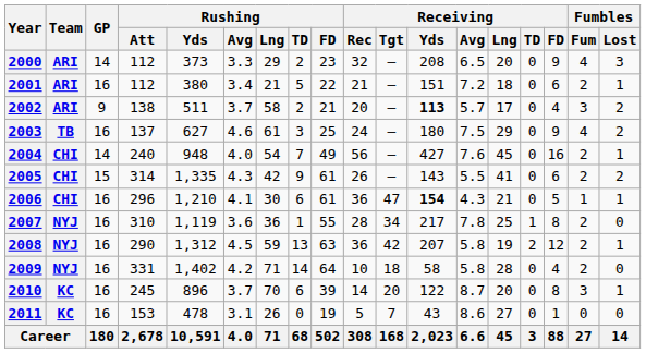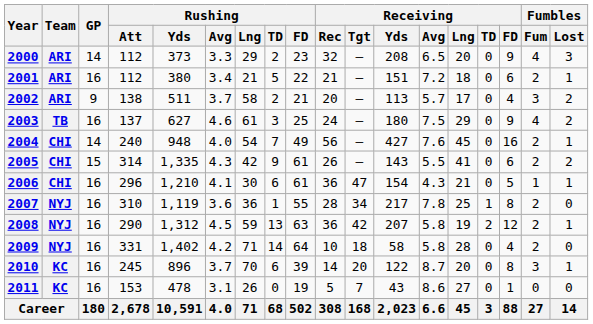 <table class=wikitable style="text-align:center;">
 <tr>
 <th rowspan="2">Year</th>
 <th rowspan="2">Team</th>
 <th rowspan="2">GP</th>
 <th colspan="6">Rushing</th>
 <th colspan="7">Receiving</th>
 <th colspan="2">Fumbles</th>
 </tr>
 <tr>
 <th>Att</th>
 <th>Yds</th>
 <th>Avg</th>
 <th>Lng</th>
 <th>TD</th>
 <th>FD</th>
 <th>Rec</th>
 <th>Tgt</th>
 <th>Yds</th>
 <th>Avg</th>
 <th>Lng</th>
 <th>TD</th>
 <th>FD</th>
 <th>Fum</th>
 <th>Lost</th>
 </tr>
 <tr>
 <th><a href='#'>2000</a></th>
 <th><a href='#'>ARI</a></th>
 <td>14</td>
 <td>112</td>
 <td>373</td>
 <td>3.3</td>
 <td>29</td>
 <td>2</td>
 <td>23</td>
 <td>32</td>
 <td>–</td>
 <td>208</td>
 <td>6.5</td>
 <td>20</td>
 <td>0</td>
 <td>9</td>
 <td>4</td>
 <td>3</td>
 </tr>
 <tr>
 <th><a href='#'>2001</a></th>
 <th><a href='#'>ARI</a></th>
 <td>16</td>
 <td>112</td>
 <td>380</td>
 <td>3.4</td>
 <td>21</td>
 <td>5</td>
 <td>22</td>
 <td>21</td>
 <td>–</td>
 <td>151</td>
 <td>7.2</td>
 <td>18</td>
 <td>0</td>
 <td>6</td>
 <td>2</td>
 <td>1</td>
 </tr>
 <tr>
 <th><a href='#'>2002</a></th>
 <th><a href='#'>ARI</a></th>
 <td>9</td>
 <td>138</td>
 <td>511</td>
 <td>3.7</td>
 <td>58</td>
 <td>2</td>
 <td>21</td>
 <td>20</td>
 <td>–</td>
-<td><strong>113</strong></td>
+<td>113</td>
 <td>5.7</td>
 <td>17</td>
 <td>0</td>
 <td>4</td>
 <td>3</td>
 <td>2</td>
 </tr>
 <tr>
 <th><a href='#'>2003</a></th>
 <th><a href='#'>TB</a></th>
 <td>16</td>
 <td>137</td>
 <td>627</td>
 <td>4.6</td>
 <td>61</td>
 <td>3</td>
 <td>25</td>
 <td>24</td>
 <td>–</td>
 <td>180</td>
 <td>7.5</td>
 <td>29</td>
 <td>0</td>
 <td>9</td>
 <td>4</td>
 <td>2</td>
 </tr>
 <tr>
 <th><a href='#'>2004</a></th>
 <th><a href='#'>CHI</a></th>
 <td>14</td>
 <td>240</td>
 <td>948</td>
 <td>4.0</td>
 <td>54</td>
 <td>7</td>
 <td>49</td>
 <td>56</td>
 <td>–</td>
 <td>427</td>
 <td>7.6</td>
 <td>45</td>
 <td>0</td>
 <td>16</td>
 <td>2</td>
 <td>1</td>
 </tr>
 <tr>
 <th><a href='#'>2005</a></th>
 <th><a href='#'>CHI</a></th>
 <td>15</td>
 <td>314</td>
 <td>1,335</td>
 <td>4.3</td>
 <td>42</td>
 <td>9</td>
 <td>61</td>
 <td>26</td>
 <td>–</td>
 <td>143</td>
 <td>5.5</td>
 <td>41</td>
 <td>0</td>
 <td>6</td>
 <td>2</td>
 <td>2</td>
 </tr>
 <tr>
 <th><a href='#'>2006</a></th>
 <th><a href='#'>CHI</a></th>
 <td>16</td>
 <td>296</td>
 <td>1,210</td>
 <td>4.1</td>
 <td>30</td>
 <td>6</td>
 <td>61</td>
 <td>36</td>
 <td>47</td>
-<td><strong>154</strong></td>
+<td>154</td>
 <td>4.3</td>
 <td>21</td>
 <td>0</td>
 <td>5</td>
 <td>1</td>
 <td>1</td>
 </tr>
 <tr>
 <th><a href='#'>2007</a></th>
 <th><a href='#'>NYJ</a></th>
 <td>16</td>
 <td>310</td>
 <td>1,119</td>
 <td>3.6</td>
 <td>36</td>
 <td>1</td>
 <td>55</td>
 <td>28</td>
 <td>34</td>
 <td>217</td>
 <td>7.8</td>
 <td>25</td>
 <td>1</td>
 <td>8</td>
 <td>2</td>
 <td>0</td>
 </tr>
 <tr>
 <th><a href='#'>2008</a></th>
 <th><a href='#'>NYJ</a></th>
 <td>16</td>
 <td>290</td>
 <td>1,312</td>
 <td>4.5</td>
 <td>59</td>
 <td>13</td>
 <td>63</td>
 <td>36</td>
 <td>42</td>
 <td>207</td>
 <td>5.8</td>
 <td>19</td>
 <td>2</td>
 <td>12</td>
 <td>2</td>
 <td>1</td>
 </tr>
 <tr>
 <th><a href='#'>2009</a></th>
 <th><a href='#'>NYJ</a></th>
 <td>16</td>
 <td>331</td>
 <td>1,402</td>
 <td>4.2</td>
 <td>71</td>
 <td>14</td>
 <td>64</td>
 <td>10</td>
 <td>18</td>
 <td>58</td>
 <td>5.8</td>
 <td>28</td>
 <td>0</td>
 <td>4</td>
 <td>2</td>
 <td>0</td>
 </tr>
 <tr>
 <th><a href='#'>2010</a></th>
 <th><a href='#'>KC</a></th>
 <td>16</td>
 <td>245</td>
 <td>896</td>
 <td>3.7</td>
 <td>70</td>
 <td>6</td>
 <td>39</td>
 <td>14</td>
 <td>20</td>
 <td>122</td>
 <td>8.7</td>
 <td>20</td>
 <td>0</td>
 <td>8</td>
 <td>3</td>
 <td>1</td>
 </tr>
 <tr>
 <th><a href='#'>2011</a></th>
 <th><a href='#'>KC</a></th>
 <td>16</td>
 <td>153</td>
 <td>478</td>
 <td>3.1</td>
 <td>26</td>
 <td>0</td>
 <td>19</td>
 <td>5</td>
 <td>7</td>
 <td>43</td>
 <td>8.6</td>
 <td>27</td>
 <td>0</td>
 <td>1</td>
 <td>0</td>
 <td>0</td>
 </tr>
 <tr>
 <th colspan="2">Career</th>
 <th>180</th>
 <th>2,678</th>
 <th>10,591</th>
 <th>4.0</th>
 <th>71</th>
 <th>68</th>
 <th>502</th>
 <th>308</th>
 <th>168</th>
 <th>2,023</th>
 <th>6.6</th>
 <th>45</th>
 <th>3</th>
 <th>88</th>
 <th>27</th>
 <th>14</th>
 </tr>
 </table>
